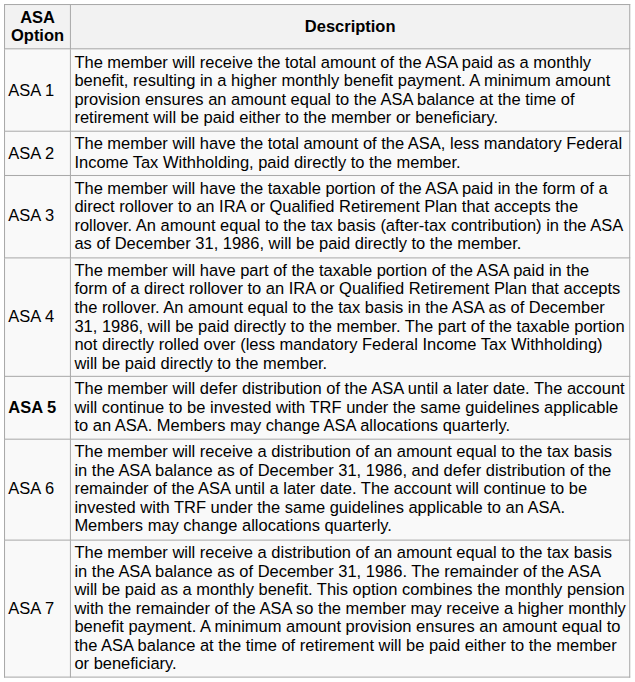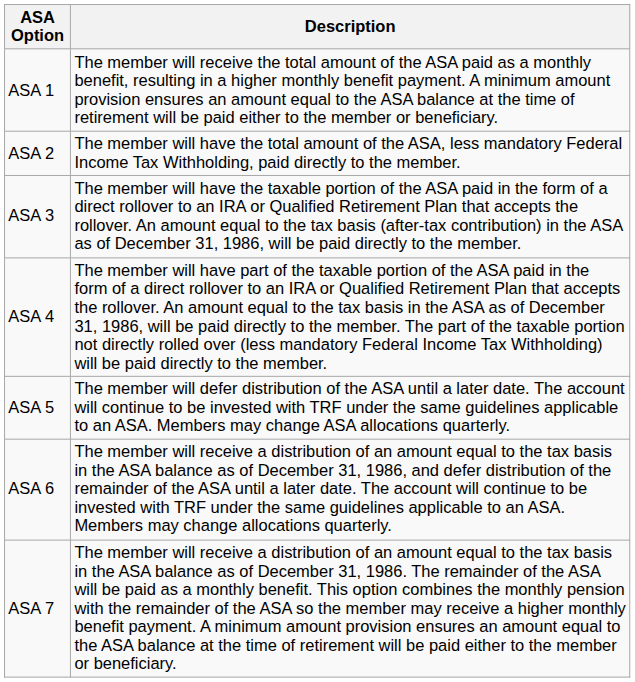 <table class="wikitable" border="1">
 <tr>
 <th>ASA Option</th>
 <th>Description</th>
 </tr>
 <tr>
 <td>ASA 1</td>
 <td>The member will receive the total amount of the ASA paid as a monthly benefit, resulting in a higher monthly benefit payment. A minimum amount provision ensures an amount equal to the ASA balance at the time of retirement will be paid either to the member or beneficiary.</td>
 </tr>
 <tr>
 <td>ASA 2</td>
 <td>The member will have the total amount of the ASA, less mandatory Federal Income Tax Withholding, paid directly to the member.</td>
 </tr>
 <tr>
 <td>ASA 3</td>
 <td>The member will have the taxable portion of the ASA paid in the form of a direct rollover to an IRA or Qualified Retirement Plan that accepts the rollover. An amount equal to the tax basis (after-tax contribution) in the ASA as of December 31, 1986, will be paid directly to the member.</td>
 </tr>
 <tr>
 <td>ASA 4</td>
 <td>The member will have part of the taxable portion of the ASA paid in the form of a direct rollover to an IRA or Qualified Retirement Plan that accepts the rollover. An amount equal to the tax basis in the ASA as of December 31, 1986, will be paid directly to the member. The part of the taxable portion not directly rolled over (less mandatory Federal Income Tax Withholding) will be paid directly to the member.</td>
 </tr>
 <tr>
-<td><strong>ASA 5</strong></td>
+<td>ASA 5</td>
 <td>The member will defer distribution of the ASA until a later date. The account will continue to be invested with TRF under the same guidelines applicable to an ASA. Members may change ASA allocations quarterly.</td>
 </tr>
 <tr>
 <td>ASA 6</td>
 <td>The member will receive a distribution of an amount equal to the tax basis in the ASA balance as of December 31, 1986, and defer distribution of the remainder of the ASA until a later date. The account will continue to be invested with TRF under the same guidelines applicable to an ASA. Members may change allocations quarterly.</td>
 </tr>
 <tr>
 <td>ASA 7</td>
 <td>The member will receive a distribution of an amount equal to the tax basis in the ASA balance as of December 31, 1986. The remainder of the ASA will be paid as a monthly benefit. This option combines the monthly pension with the remainder of the ASA so the member may receive a higher monthly benefit payment. A minimum amount provision ensures an amount equal to the ASA balance at the time of retirement will be paid either to the member or beneficiary.</td>
 </tr>
 </table>
